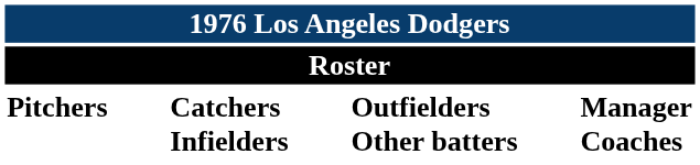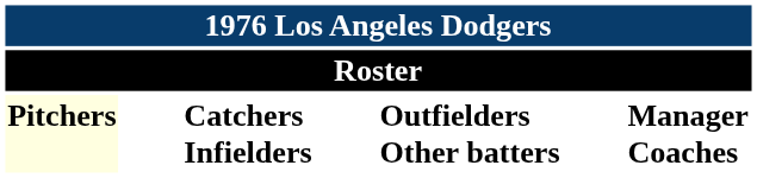 <table class="toccolours" style="font-size: 95%;">
 <tr>
 <th colspan="10" style="background:#083c6b; color:white; text-align:center;">1976 Los Angeles Dodgers</th>
 </tr>
 <tr>
 <td colspan="10" style="background:black; color:white; text-align:center;"><strong>Roster</strong></td>
 </tr>
 <tr>
-<td valign="top"><strong>Pitchers</strong><br>                        </td>
+<td valign="top" style="background: lightyellow;"><strong>Pitchers</strong><br>                        </td>
 <td style="width:25px;"></td>
 <td valign="top"><strong>Catchers</strong><br>    <strong>Infielders</strong>        </td>
 <td style="width:25px;"></td>
 <td valign="top"><strong>Outfielders</strong><br>            <strong>Other batters</strong> </td>
 <td style="width:25px;"></td>
 <td valign="top"><strong>Manager</strong><br>  <strong>Coaches</strong>     </td>
 </tr>
 </table>
